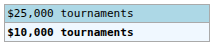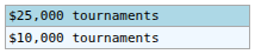 <table class="wikitable"  style="font-size:85%; width:13%;">
 <tr style="background:lightblue;">
 <td>$25,000 tournaments</td>
 </tr>
 <tr style="background:#f0f8ff;">
-<td><strong>$10,000 tournaments</strong></td>
+<td>$10,000 tournaments</td>
 </tr>
 </table>
